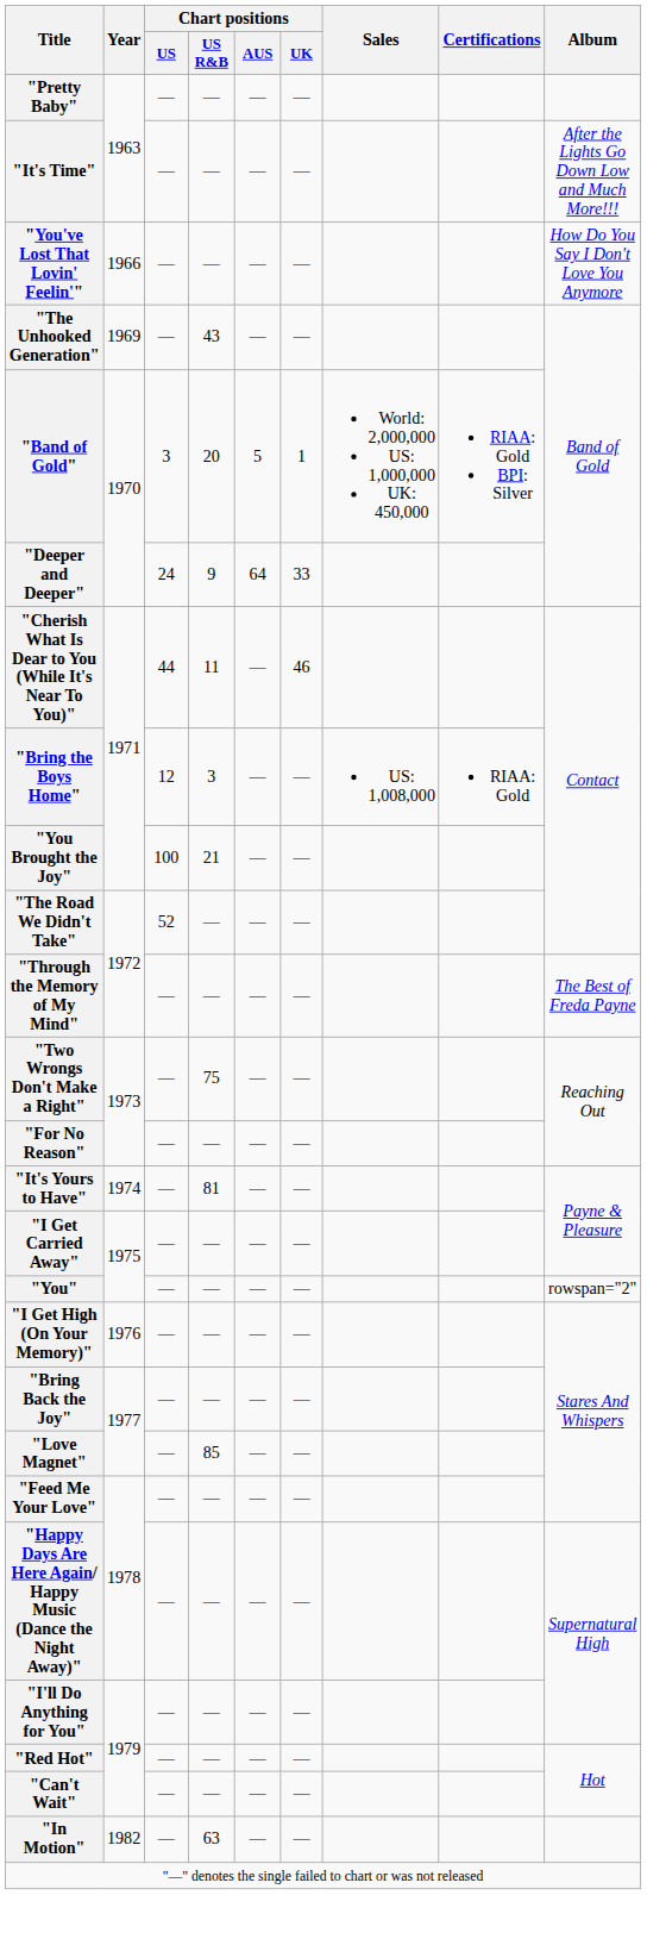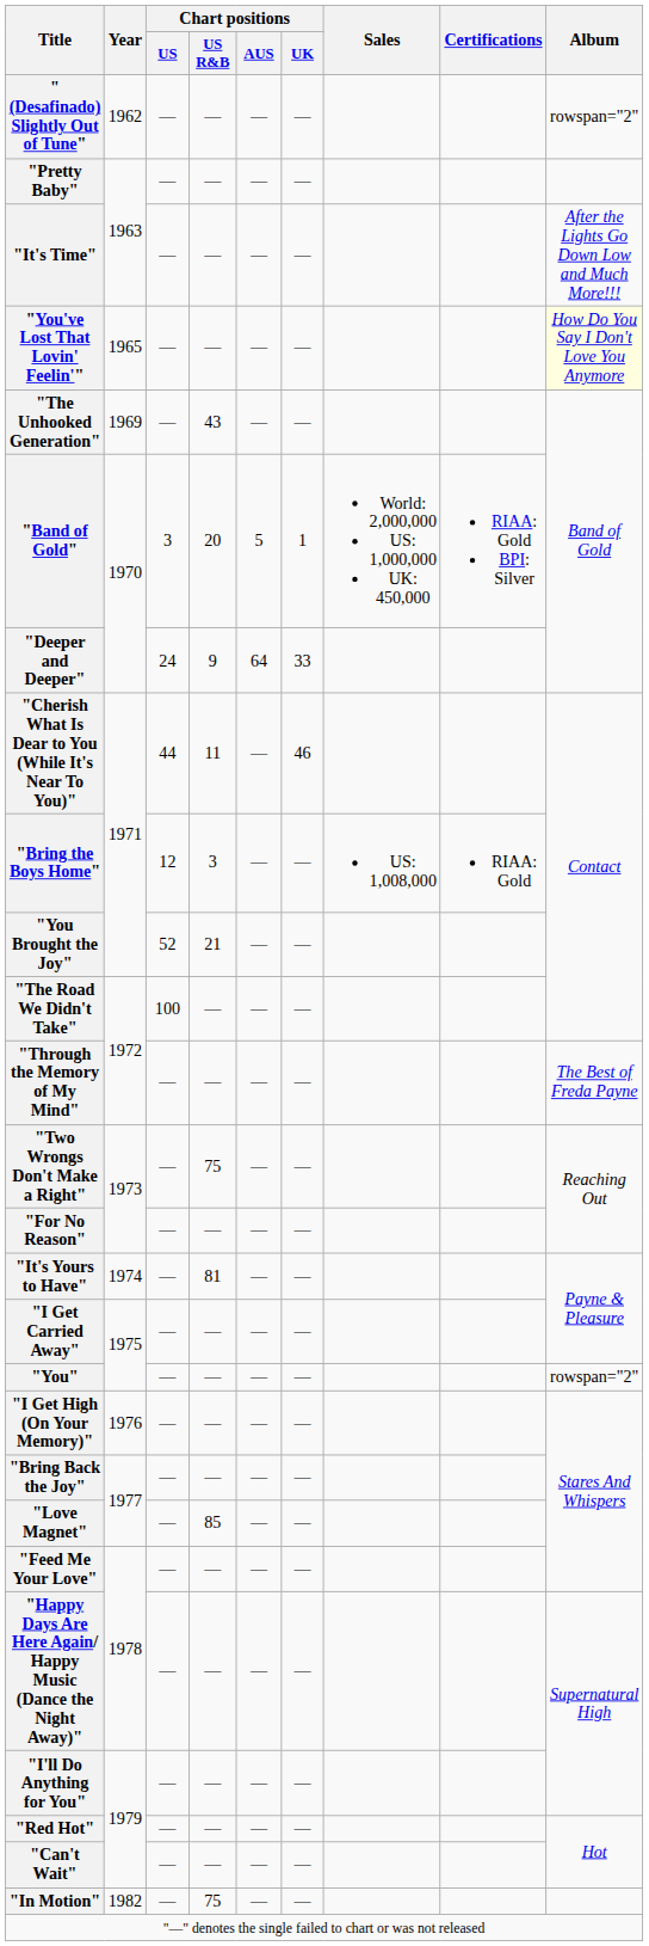 <table class="wikitable plainrowheaders" style="text-align:center;" border="1">
 <tr>
 <th scope="col" rowspan="2">Title</th>
 <th scope="col" rowspan="2">Year</th>
 <th scope="col" colspan="4">Chart positions</th>
 <th rowspan="2" scope="col">Sales</th>
 <th rowspan="2"><a href='#'>Certifications</a></th>
 <th rowspan="2">Album</th>
 </tr>
 <tr>
 <th scope="col" style="width:3em;font-size:90%;"><a href='#'>US</a><br></th>
 <th scope="col" style="width:3em;font-size:90%;"><a href='#'>US R&B</a><br></th>
 <th scope="col" style="width:3em;font-size:90%;"><a href='#'>AUS</a><br></th>
 <th scope="col" style="width:3em;font-size:90%;"><a href='#'>UK</a><br></th>
+</tr>
+<tr>
+<th scope="row">"<a href='#'>(Desafinado) Slightly Out of Tune</a>"</th>
+<td>1962</td>
+<td>—</td>
+<td>—</td>
+<td>—</td>
+<td>—</td>
+<td></td>
+<td></td>
+<td>rowspan="2" </td>
 </tr>
 <tr>
 <th scope="row">"Pretty Baby"</th>
 <td rowspan="2">1963</td>
 <td>—</td>
 <td>—</td>
 <td>—</td>
 <td>—</td>
 <td></td>
 <td></td>
 </tr>
 <tr>
 <th scope="row">"It's Time"</th>
 <td>—</td>
 <td>—</td>
 <td>—</td>
 <td>—</td>
 <td></td>
 <td></td>
 <td><em><a href='#'>After the Lights Go Down Low and Much More!!!</a></em></td>
 </tr>
 <tr>
 <th scope="row">"<a href='#'>You've Lost That Lovin' Feelin'</a>"</th>
-<td>1966</td>
+<td>1965</td>
 <td>—</td>
 <td>—</td>
 <td>—</td>
 <td>—</td>
 <td></td>
 <td></td>
-<td><em><a href='#'>How Do You Say I Don't Love You Anymore</a></em></td>
+<td style="background: lightyellow;"><em><a href='#'>How Do You Say I Don't Love You Anymore</a></em></td>
 </tr>
 <tr>
 <th scope="row">"The Unhooked Generation"</th>
 <td>1969</td>
 <td>—</td>
 <td>43</td>
 <td>—</td>
 <td>—</td>
 <td></td>
 <td></td>
 <td rowspan="3"><em><a href='#'>Band of Gold</a></em></td>
 </tr>
 <tr>
 <th scope="row">"<a href='#'>Band of Gold</a>"</th>
 <td rowspan="2">1970</td>
 <td>3</td>
 <td>20</td>
 <td>5</td>
 <td>1</td>
 <td><br><ul><li>World: 2,000,000</li><li>US: 1,000,000</li><li>UK: 450,000</li></ul></td>
 <td><br><ul><li><a href='#'>RIAA</a>: Gold</li><li><a href='#'>BPI</a>: Silver</li></ul></td>
 </tr>
 <tr>
 <th scope="row">"Deeper and Deeper"</th>
 <td>24</td>
 <td>9</td>
 <td>64</td>
 <td>33</td>
 <td></td>
 <td></td>
 </tr>
 <tr>
 <th scope="row">"Cherish What Is Dear to You (While It's Near To You)"</th>
 <td rowspan="3">1971</td>
 <td>44</td>
 <td>11</td>
 <td>—</td>
 <td>46</td>
 <td></td>
 <td></td>
 <td rowspan="4"><em><a href='#'>Contact</a></em></td>
 </tr>
 <tr>
 <th scope="row">"<a href='#'>Bring the Boys Home</a>"</th>
 <td>12</td>
 <td>3</td>
 <td>—</td>
 <td>—</td>
 <td><br><ul><li>US: 1,008,000</li></ul></td>
 <td><br><ul><li>RIAA: Gold</li></ul></td>
 </tr>
 <tr>
 <th scope="row">"You Brought the Joy"</th>
-<td>100</td>
+<td>52</td>
 <td>21</td>
 <td>—</td>
 <td>—</td>
 <td></td>
 <td></td>
 </tr>
 <tr>
 <th scope="row">"The Road We Didn't Take"</th>
 <td rowspan="2">1972</td>
-<td>52</td>
+<td>100</td>
 <td>—</td>
 <td>—</td>
 <td>—</td>
 <td></td>
 <td></td>
 </tr>
 <tr>
 <th scope="row">"Through the Memory of My Mind"</th>
 <td>—</td>
 <td>—</td>
 <td>—</td>
 <td>—</td>
 <td></td>
 <td></td>
 <td><em><a href='#'>The Best of Freda Payne</a></em></td>
 </tr>
 <tr>
 <th scope="row">"Two Wrongs Don't Make a Right"</th>
 <td rowspan="2">1973</td>
 <td>—</td>
 <td>75</td>
 <td>—</td>
 <td>—</td>
 <td></td>
 <td></td>
 <td rowspan="2"><em>Reaching Out</em></td>
 </tr>
 <tr>
 <th scope="row">"For No Reason"</th>
 <td>—</td>
 <td>—</td>
 <td>—</td>
 <td>—</td>
 <td></td>
 <td></td>
 </tr>
 <tr>
 <th scope="row">"It's Yours to Have"</th>
 <td>1974</td>
 <td>—</td>
 <td>81</td>
 <td>—</td>
 <td>—</td>
 <td></td>
 <td></td>
 <td rowspan="2"><em><a href='#'>Payne & Pleasure</a></em></td>
 </tr>
 <tr>
 <th scope="row">"I Get Carried Away"</th>
 <td rowspan="2">1975</td>
 <td>—</td>
 <td>—</td>
 <td>—</td>
 <td>—</td>
 <td></td>
 <td></td>
 </tr>
 <tr>
 <th scope="row">"You"</th>
 <td>—</td>
 <td>—</td>
 <td>—</td>
 <td>—</td>
 <td></td>
 <td></td>
 <td>rowspan="2" </td>
 </tr>
 <tr>
 <th scope="row">"I Get High (On Your Memory)"</th>
 <td>1976</td>
 <td>—</td>
 <td>—</td>
 <td>—</td>
 <td>—</td>
 <td></td>
 <td></td>
 <td rowspan="4"><em><a href='#'>Stares And Whispers</a></em></td>
 </tr>
 <tr>
 <th scope="row">"Bring Back the Joy"</th>
 <td rowspan="2">1977</td>
 <td>—</td>
 <td>—</td>
 <td>—</td>
 <td>—</td>
 <td></td>
 <td></td>
 </tr>
 <tr>
 <th scope="row">"Love Magnet"</th>
 <td>—</td>
 <td>85</td>
 <td>—</td>
 <td>—</td>
 <td></td>
 <td></td>
 </tr>
 <tr>
 <th scope="row">"Feed Me Your Love"</th>
 <td rowspan="2">1978</td>
 <td>—</td>
 <td>—</td>
 <td>—</td>
 <td>—</td>
 <td></td>
 <td></td>
 </tr>
 <tr>
 <th scope="row">"<a href='#'>Happy Days Are Here Again</a>/ Happy Music (Dance the Night Away)"</th>
 <td>—</td>
 <td>—</td>
 <td>—</td>
 <td>—</td>
 <td></td>
 <td></td>
 <td rowspan="2"><em><a href='#'>Supernatural High</a></em></td>
 </tr>
 <tr>
 <th scope="row">"I'll Do Anything for You"</th>
 <td rowspan="3">1979</td>
 <td>—</td>
 <td>—</td>
 <td>—</td>
 <td>—</td>
 <td></td>
 <td></td>
 </tr>
 <tr>
 <th scope="row">"Red Hot"</th>
 <td>—</td>
 <td>—</td>
 <td>—</td>
 <td>—</td>
 <td></td>
 <td></td>
 <td rowspan="2"><em><a href='#'>Hot</a></em></td>
 </tr>
 <tr>
 <th scope="row">"Can't Wait"</th>
 <td>—</td>
 <td>—</td>
 <td>—</td>
 <td>—</td>
 <td></td>
 <td></td>
 </tr>
 <tr>
 <th scope="row">"In Motion"</th>
 <td>1982</td>
 <td>—</td>
-<td>63</td>
+<td>75</td>
 <td>—</td>
 <td>—</td>
 <td></td>
 <td></td>
 <td></td>
 </tr>
 <tr>
 <td style="text-align:center;" colspan="9"><small>"—" denotes the single failed to chart or was not released</small></td>
 </tr>
 </table>
